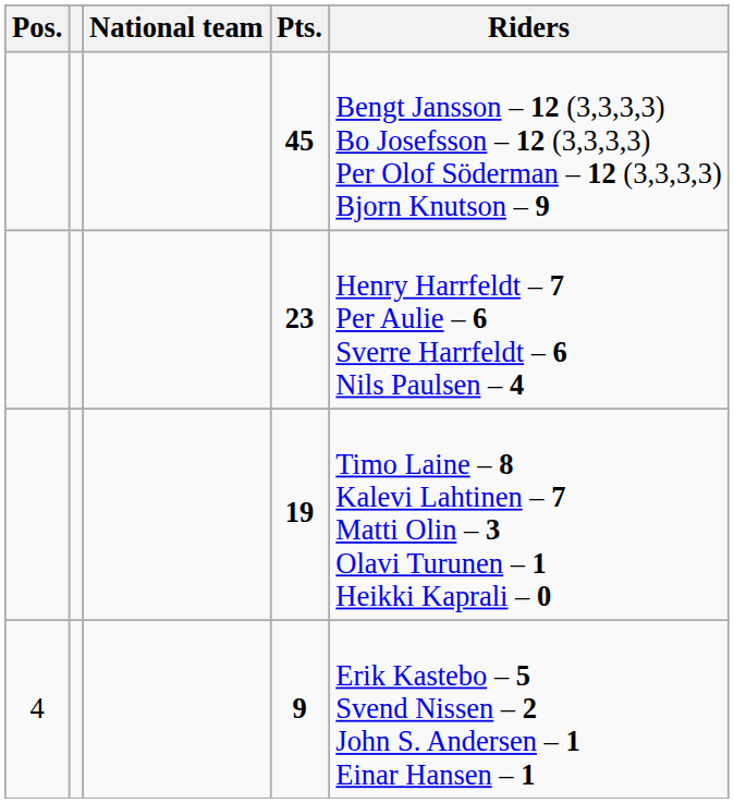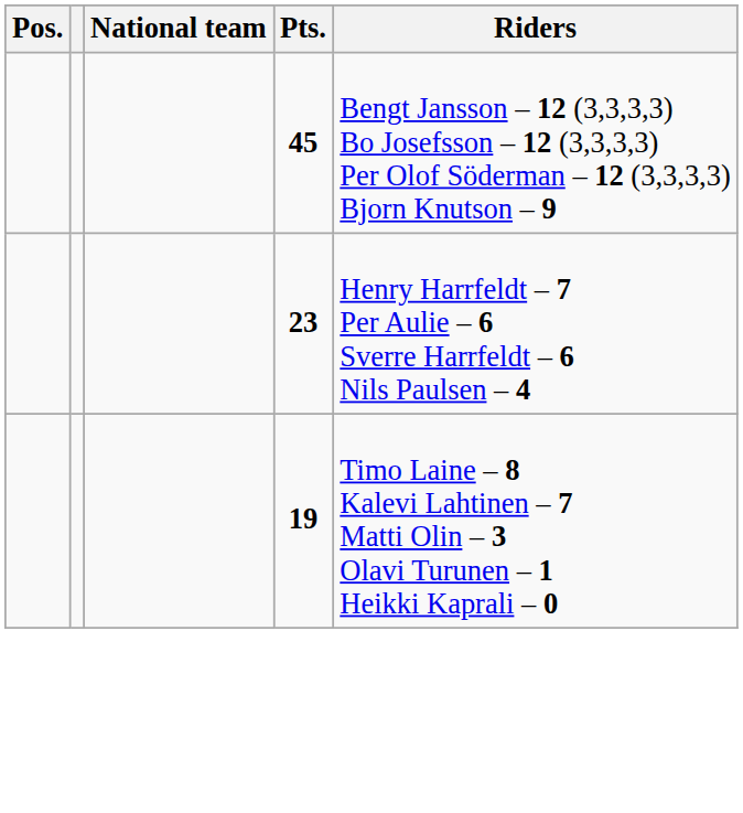 <table class=wikitable style="font-size:93%;">
 <tr>
 <th>Pos.</th>
 <th></th>
 <th>National team</th>
 <th>Pts.</th>
 <th>Riders</th>
 </tr>
 <tr align=center >
 <td></td>
 <td></td>
 <td align=left></td>
 <td><strong>45</strong></td>
 <td align=left><br><a href='#'>Bengt Jansson</a> – <strong>12</strong> (3,3,3,3)<br> <a href='#'>Bo Josefsson</a> – <strong>12</strong> (3,3,3,3) <br> <a href='#'>Per Olof Söderman</a> – <strong>12</strong> (3,3,3,3) <br> <a href='#'>Bjorn Knutson</a> – <strong>9</strong> <br></td>
 </tr>
 <tr align=center >
 <td></td>
 <td></td>
 <td align=left></td>
 <td><strong>23</strong></td>
 <td align=left><br><a href='#'>Henry Harrfeldt</a> – <strong>7</strong> <br> <a href='#'>Per Aulie</a> – <strong>6</strong> <br> <a href='#'>Sverre Harrfeldt</a> – <strong>6</strong> <br> <a href='#'>Nils Paulsen</a> – <strong>4</strong> <br></td>
 </tr>
 <tr align=center >
 <td></td>
 <td></td>
 <td align=left></td>
 <td><strong>19</strong></td>
 <td align=left><br><a href='#'>Timo Laine</a> – <strong>8</strong> <br> <a href='#'>Kalevi Lahtinen</a> – <strong>7</strong> <br> <a href='#'>Matti Olin</a> – <strong>3</strong> <br> <a href='#'>Olavi Turunen</a> – <strong>1</strong> <br> <a href='#'>Heikki Kaprali</a> – <strong>0</strong> <br></td>
 </tr>
-<tr align=center>
-<td>4</td>
-<td></td>
-<td align=left></td>
-<td><strong>9</strong></td>
-<td align=left><br><a href='#'>Erik Kastebo</a> – <strong>5</strong> <br> <a href='#'>Svend Nissen</a> – <strong>2</strong> <br> <a href='#'>John S. Andersen</a> – <strong>1</strong> <br> <a href='#'>Einar Hansen</a> – <strong>1</strong> <br></td>
-</tr>
 </table>
